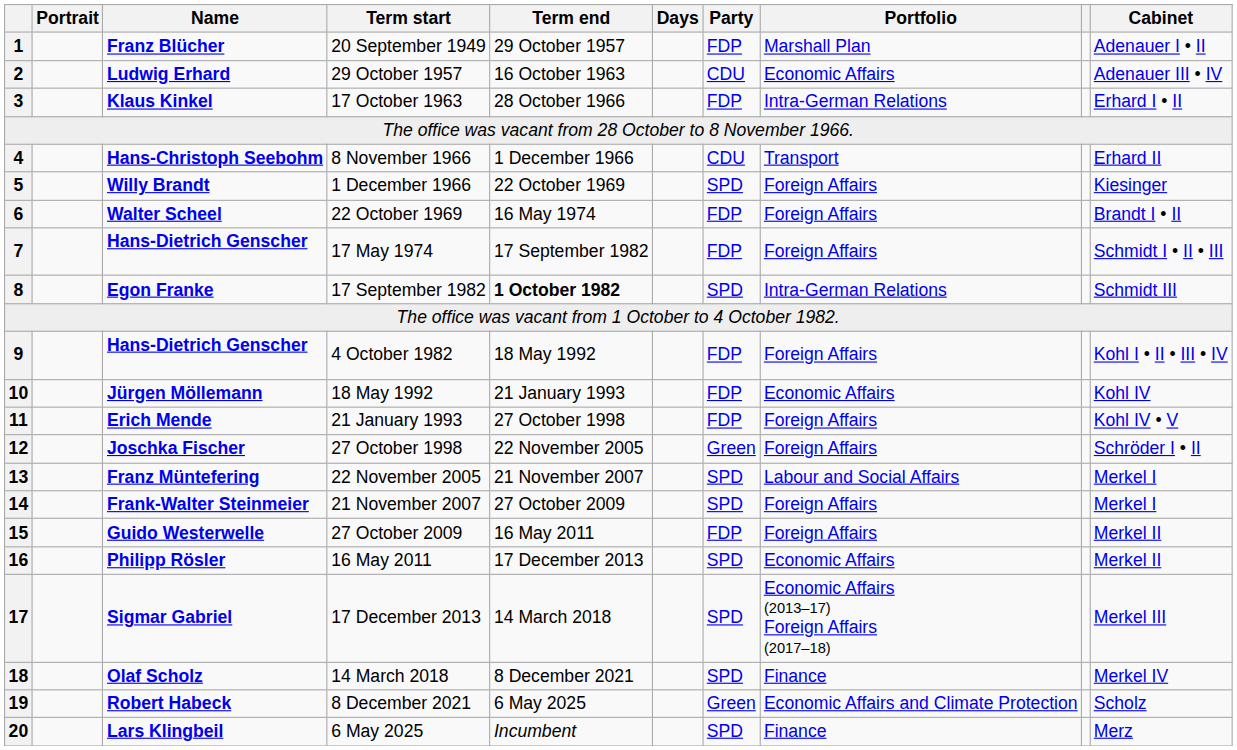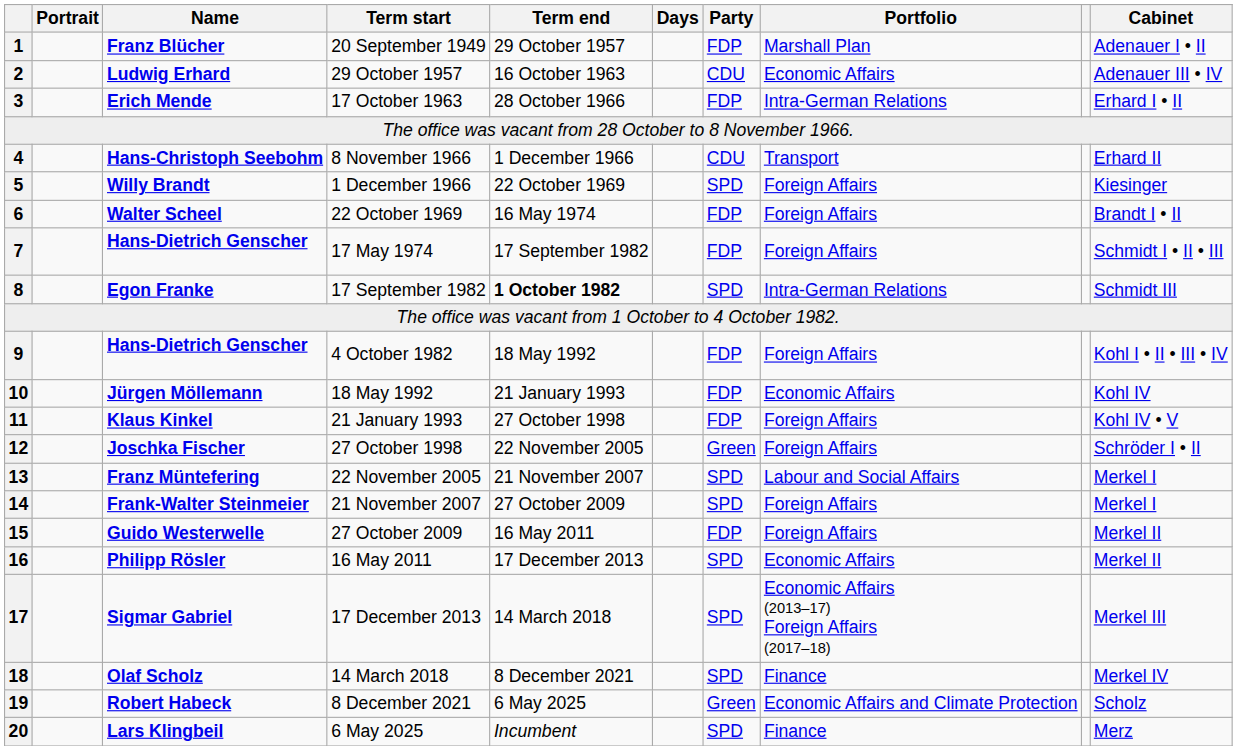 <table class="wikitable sortable">
 <tr>
 <th class="unsortable"></th>
 <th class="unsortable">Portrait</th>
 <th>Name</th>
 <th data-sort-type="date">Term start</th>
 <th data-sort-type="date">Term end</th>
 <th>Days</th>
 <th>Party</th>
 <th>Portfolio</th>
 <th class="unsortable"></th>
 <th>Cabinet</th>
 </tr>
 <tr>
 <th style="background:">1</th>
 <td></td>
 <td><strong><a href='#'>Franz Blücher</a></strong><br></td>
 <td>20 September 1949</td>
 <td>29 October 1957</td>
 <td></td>
 <td><a href='#'>FDP</a></td>
 <td><a href='#'>Marshall Plan</a><br></td>
 <td style="background:"></td>
 <td><a href='#'>Adenauer I</a> • <a href='#'>II</a></td>
 </tr>
 <tr>
 <th style="background:">2</th>
 <td></td>
 <td><strong><a href='#'>Ludwig Erhard</a></strong><br></td>
 <td>29 October 1957</td>
 <td>16 October 1963</td>
 <td></td>
 <td><a href='#'>CDU</a></td>
 <td><a href='#'>Economic Affairs</a></td>
 <td style="background:"></td>
 <td><a href='#'>Adenauer III</a> • <a href='#'>IV</a></td>
 </tr>
 <tr>
 <th style="background:">3</th>
 <td></td>
-<td><strong><a href='#'>Klaus Kinkel</a></strong><br></td>
+<td><strong><a href='#'>Erich Mende</a></strong><br></td>
 <td>17 October 1963</td>
 <td>28 October 1966</td>
 <td></td>
 <td><a href='#'>FDP</a></td>
 <td><a href='#'>Intra-German Relations</a></td>
 <td style="background:"></td>
 <td><a href='#'>Erhard I</a> • <a href='#'>II</a></td>
 </tr>
 <tr>
 <td style="text-align:center;" bgcolor=#EEEEEE colspan=10><em>The office was vacant from 28 October to 8 November 1966.</em></td>
 </tr>
 <tr>
 <th style="background:">4</th>
 <td></td>
 <td><strong><a href='#'>Hans-Christoph Seebohm</a></strong><br></td>
 <td>8 November 1966</td>
 <td>1 December 1966</td>
 <td></td>
 <td><a href='#'>CDU</a></td>
 <td><a href='#'>Transport</a></td>
 <td style="background:"></td>
 <td><a href='#'>Erhard II</a></td>
 </tr>
 <tr>
 <th style="background:">5</th>
 <td></td>
 <td><strong><a href='#'>Willy Brandt</a></strong><br></td>
 <td>1 December 1966</td>
 <td>22 October 1969</td>
 <td></td>
 <td><a href='#'>SPD</a></td>
 <td><a href='#'>Foreign Affairs</a></td>
 <td style="background:"></td>
 <td><a href='#'>Kiesinger</a></td>
 </tr>
 <tr>
 <th style="background:">6</th>
 <td></td>
 <td><strong><a href='#'>Walter Scheel</a></strong><br></td>
 <td>22 October 1969</td>
 <td>16 May 1974</td>
 <td></td>
 <td><a href='#'>FDP</a></td>
 <td><a href='#'>Foreign Affairs</a></td>
 <td style="background:"></td>
 <td><a href='#'>Brandt I</a> • <a href='#'>II</a></td>
 </tr>
 <tr>
 <th style="background:">7</th>
 <td></td>
 <td><strong><a href='#'>Hans-Dietrich Genscher</a></strong><br><br></td>
 <td>17 May 1974</td>
 <td>17 September 1982</td>
 <td></td>
 <td><a href='#'>FDP</a></td>
 <td><a href='#'>Foreign Affairs</a></td>
 <td style="background:"></td>
 <td><a href='#'>Schmidt I</a> • <a href='#'>II</a> • <a href='#'>III</a></td>
 </tr>
 <tr>
 <th style="background:">8</th>
 <td></td>
 <td><strong><a href='#'>Egon Franke</a></strong><br></td>
 <td>17 September 1982</td>
 <td><strong>1 October 1982</strong></td>
 <td></td>
 <td><a href='#'>SPD</a></td>
 <td><a href='#'>Intra-German Relations</a></td>
 <td style="background:"></td>
 <td><a href='#'>Schmidt III</a></td>
 </tr>
 <tr>
 <td style="text-align:center;" bgcolor=#EEEEEE colspan=10><em>The office was vacant from 1 October to 4 October 1982.</em></td>
 </tr>
 <tr>
 <th style="background:">9<br></th>
 <td></td>
 <td><strong><a href='#'>Hans-Dietrich Genscher</a></strong><br><br></td>
 <td>4 October 1982</td>
 <td>18 May 1992</td>
 <td></td>
 <td><a href='#'>FDP</a></td>
 <td><a href='#'>Foreign Affairs</a></td>
 <td style="background:"></td>
 <td><a href='#'>Kohl I</a> • <a href='#'>II</a> • <a href='#'>III</a> • <a href='#'>IV</a></td>
 </tr>
 <tr>
 <th style="background:">10</th>
 <td></td>
 <td><strong><a href='#'>Jürgen Möllemann</a></strong><br></td>
 <td>18 May 1992</td>
 <td>21 January 1993</td>
 <td></td>
 <td><a href='#'>FDP</a></td>
 <td><a href='#'>Economic Affairs</a></td>
 <td style="background:"></td>
 <td><a href='#'>Kohl IV</a></td>
 </tr>
 <tr>
 <th style="background:">11</th>
 <td></td>
-<td><strong><a href='#'>Erich Mende</a></strong><br></td>
+<td><strong><a href='#'>Klaus Kinkel</a></strong><br></td>
 <td>21 January 1993</td>
 <td>27 October 1998</td>
 <td></td>
 <td><a href='#'>FDP</a></td>
 <td><a href='#'>Foreign Affairs</a></td>
 <td style="background:"></td>
 <td><a href='#'>Kohl IV</a> • <a href='#'>V</a></td>
 </tr>
 <tr>
 <th style="background:">12</th>
 <td></td>
 <td><strong><a href='#'>Joschka Fischer</a></strong><br></td>
 <td>27 October 1998</td>
 <td>22 November 2005</td>
 <td></td>
 <td><a href='#'>Green</a></td>
 <td><a href='#'>Foreign Affairs</a></td>
 <td style="background:"></td>
 <td><a href='#'>Schröder I</a> • <a href='#'>II</a></td>
 </tr>
 <tr>
 <th style="background:">13</th>
 <td></td>
 <td><strong><a href='#'>Franz Müntefering</a></strong><br></td>
 <td>22 November 2005</td>
 <td>21 November 2007</td>
 <td></td>
 <td><a href='#'>SPD</a></td>
 <td><a href='#'>Labour and Social Affairs</a></td>
 <td style="background:"></td>
 <td><a href='#'>Merkel I</a></td>
 </tr>
 <tr>
 <th style="background:">14</th>
 <td></td>
 <td><strong><a href='#'>Frank-Walter Steinmeier</a></strong><br></td>
 <td>21 November 2007</td>
 <td>27 October 2009</td>
 <td></td>
 <td><a href='#'>SPD</a></td>
 <td><a href='#'>Foreign Affairs</a></td>
 <td style="background:"></td>
 <td><a href='#'>Merkel I</a></td>
 </tr>
 <tr>
 <th style="background:">15</th>
 <td></td>
 <td><strong><a href='#'>Guido Westerwelle</a></strong><br></td>
 <td>27 October 2009</td>
 <td>16 May 2011</td>
 <td></td>
 <td><a href='#'>FDP</a></td>
 <td><a href='#'>Foreign Affairs</a></td>
 <td style="background:"></td>
 <td><a href='#'>Merkel II</a></td>
 </tr>
 <tr>
 <th style="background:">16</th>
 <td></td>
 <td><strong><a href='#'>Philipp Rösler</a></strong><br></td>
 <td>16 May 2011</td>
 <td>17 December 2013</td>
 <td></td>
 <td><a href='#'>SPD</a></td>
 <td><a href='#'>Economic Affairs</a></td>
 <td style="background:"></td>
 <td><a href='#'>Merkel II</a></td>
 </tr>
 <tr>
 <th style="background:">17</th>
 <td></td>
 <td><strong><a href='#'>Sigmar Gabriel</a></strong><br></td>
 <td>17 December 2013</td>
 <td>14 March 2018</td>
 <td></td>
 <td><a href='#'>SPD</a></td>
 <td><a href='#'>Economic Affairs</a><br><small>(2013–17)</small><br><a href='#'>Foreign Affairs</a><br><small>(2017–18)</small></td>
 <td style="background:"></td>
 <td><a href='#'>Merkel III</a></td>
 </tr>
 <tr>
 <th style="background:">18</th>
 <td></td>
 <td><strong><a href='#'>Olaf Scholz</a></strong><br></td>
 <td>14 March 2018</td>
 <td>8 December 2021</td>
 <td></td>
 <td><a href='#'>SPD</a></td>
 <td><a href='#'>Finance</a></td>
 <td style="background:"></td>
 <td><a href='#'>Merkel IV</a></td>
 </tr>
 <tr>
 <th style="background:">19</th>
 <td></td>
 <td><strong><a href='#'>Robert Habeck</a></strong><br></td>
 <td>8 December 2021</td>
 <td>6 May 2025</td>
 <td></td>
 <td><a href='#'>Green</a></td>
 <td><a href='#'>Economic Affairs and Climate Protection</a></td>
 <td style="background:"></td>
 <td><a href='#'>Scholz</a></td>
 </tr>
 <tr>
 <th style="background:">20</th>
 <td></td>
 <td><strong><a href='#'>Lars Klingbeil</a></strong><br></td>
 <td>6 May 2025</td>
 <td><em>Incumbent</em></td>
 <td></td>
 <td><a href='#'>SPD</a></td>
 <td><a href='#'>Finance</a></td>
 <td style="background:"></td>
 <td><a href='#'>Merz</a></td>
 </tr>
 </table>
